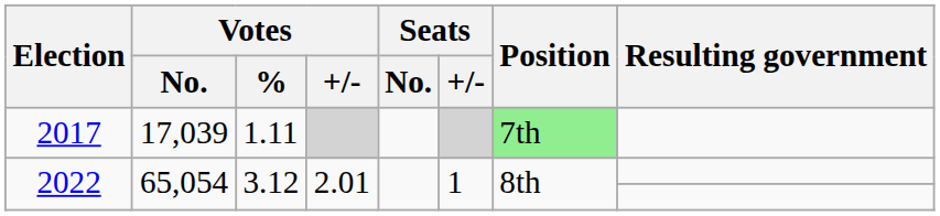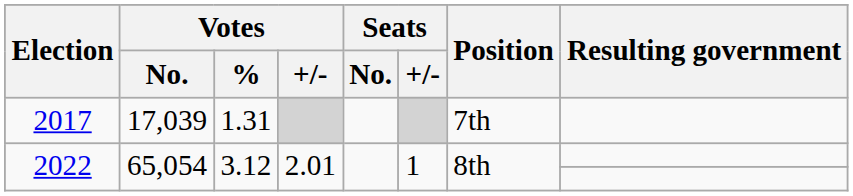 <table class="wikitable">
 <tr>
 <th rowspan="2" style="background-color:">Election</th>
 <th colspan="3" style="background-color:">Votes</th>
 <th colspan="2" style="background-color:">Seats</th>
 <th rowspan="2" style="background-color:">Position</th>
 <th rowspan="2" style="background-color:">Resulting government</th>
 </tr>
 <tr>
 <th style="background-color:">No.</th>
 <th style="background-color:">%</th>
 <th style="background-color:">+/-</th>
 <th style="background-color:">No.</th>
 <th style="background-color:">+/-</th>
 </tr>
 <tr>
 <td style="text-align: center;"><a href='#'>2017</a></td>
 <td>17,039</td>
-<td>1.11</td>
+<td>1.31</td>
 <td bgcolor="lightgray"></td>
 <td></td>
 <td bgcolor="lightgray"></td>
-<td style="background: lightgreen;">7th</td>
+<td>7th</td>
 <td></td>
 </tr>
 <tr>
 <td rowspan="2" style="text-align: center;"><a href='#'>2022</a></td>
 <td rowspan="2">65,054</td>
 <td rowspan="2">3.12</td>
 <td rowspan="2"> 2.01</td>
 <td rowspan="2"></td>
 <td rowspan="2"> 1</td>
 <td rowspan="2"> 8th</td>
 <td></td>
 </tr>
 <tr>
 <td></td>
 </tr>
 </table>
